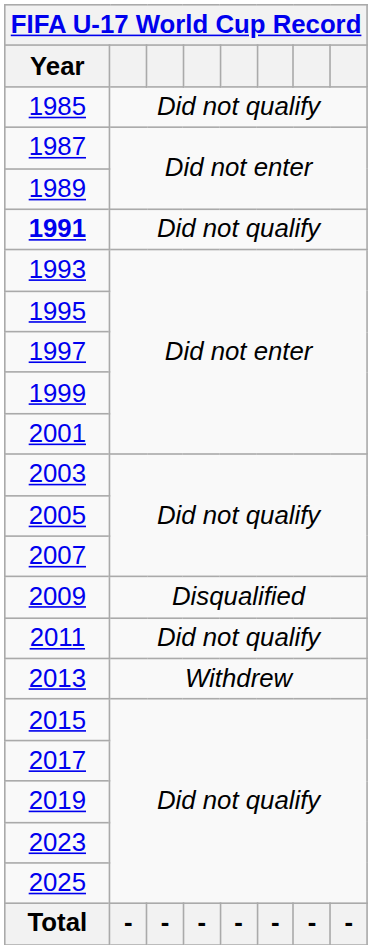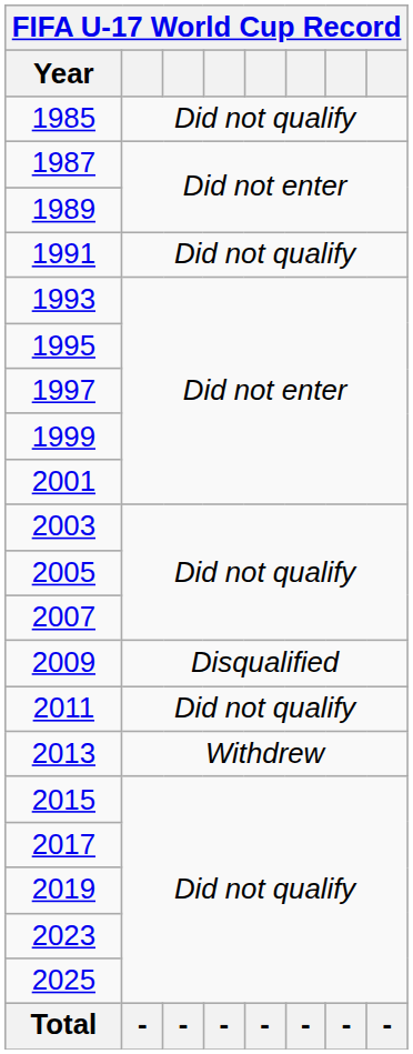 <table class="wikitable" style="text-align: center;">
 <tr>
 <th colspan=9><a href='#'>FIFA U-17 World Cup Record</a></th>
 </tr>
 <tr>
 <th>Year</th>
 <th></th>
 <th></th>
 <th></th>
 <th></th>
 <th></th>
 <th></th>
 <th></th>
 </tr>
 <tr>
 <td> <a href='#'>1985</a></td>
 <td colspan=7 rowspan=1><em>Did not qualify</em></td>
 </tr>
 <tr>
 <td> <a href='#'>1987</a></td>
 <td colspan=7 rowspan=2><em>Did not enter</em></td>
 </tr>
 <tr>
 <td> <a href='#'>1989</a></td>
 </tr>
 <tr>
-<td><strong> <a href='#'>1991</a></strong></td>
+<td> <a href='#'>1991</a></td>
 <td colspan=7 rowspan=1><em>Did not qualify</em></td>
 </tr>
 <tr>
 <td> <a href='#'>1993</a></td>
 <td colspan=7 rowspan=5><em>Did not enter</em></td>
 </tr>
 <tr>
 <td> <a href='#'>1995</a></td>
 </tr>
 <tr>
 <td> <a href='#'>1997</a></td>
 </tr>
 <tr>
 <td> <a href='#'>1999</a></td>
 </tr>
 <tr>
 <td> <a href='#'>2001</a></td>
 </tr>
 <tr>
 <td> <a href='#'>2003</a></td>
 <td colspan=7 rowspan=3><em>Did not qualify</em></td>
 </tr>
 <tr>
 <td> <a href='#'>2005</a></td>
 </tr>
 <tr>
 <td> <a href='#'>2007</a></td>
 </tr>
 <tr>
 <td> <a href='#'>2009</a></td>
 <td colspan=7 rowspan=1><em>Disqualified</em></td>
 </tr>
 <tr>
 <td> <a href='#'>2011</a></td>
 <td colspan=7 rowspan=1><em>Did not qualify</em></td>
 </tr>
 <tr>
 <td> <a href='#'>2013</a></td>
 <td colspan=7 rowspan=1><em>Withdrew</em></td>
 </tr>
 <tr>
 <td> <a href='#'>2015</a></td>
 <td colspan=7 rowspan=5><em>Did not qualify</em></td>
 </tr>
 <tr>
 <td> <a href='#'>2017</a></td>
 </tr>
 <tr>
 <td> <a href='#'>2019</a></td>
 </tr>
 <tr>
 <td> <a href='#'>2023</a></td>
 </tr>
 <tr>
 <td> <a href='#'>2025</a></td>
 </tr>
 <tr>
 <th><strong>Total</strong></th>
 <th><strong>-</strong></th>
 <th><strong>-</strong></th>
 <th><strong>-</strong></th>
 <th><strong>-</strong></th>
 <th><strong>-</strong></th>
 <th><strong>-</strong></th>
 <th><strong>-</strong></th>
 </tr>
 </table>
